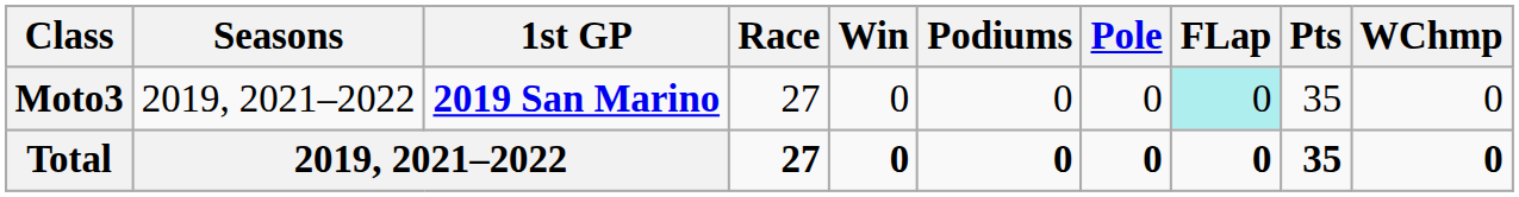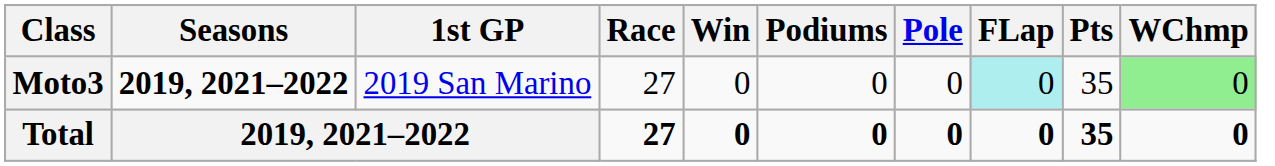 <table class="wikitable" style="text-align:right;">
 <tr>
 <th>Class</th>
 <th>Seasons</th>
 <th>1st GP</th>
 <th>Race</th>
 <th>Win</th>
 <th>Podiums</th>
 <th><a href='#'>Pole</a></th>
 <th>FLap</th>
 <th>Pts</th>
 <th>WChmp</th>
 </tr>
 <tr>
 <th>Moto3</th>
-<td>2019, 2021–2022</td>
-<td style="text-align:left;"><strong><a href='#'>2019 San Marino</a></strong></td>
+<td><strong>2019, 2021–2022</strong></td>
+<td style="text-align:left;"><a href='#'>2019 San Marino</a></td>
 <td>27</td>
 <td>0</td>
 <td>0</td>
 <td>0</td>
 <td style="background: paleturquoise;">0</td>
 <td>35</td>
-<td>0</td>
+<td style="background: lightgreen;">0</td>
 </tr>
 <tr>
 <th>Total</th>
 <th colspan="2">2019, 2021–2022</th>
 <td><strong>27</strong></td>
 <td><strong>0</strong></td>
 <td><strong>0</strong></td>
 <td><strong>0</strong></td>
 <td><strong>0</strong></td>
 <td><strong>35</strong></td>
 <td><strong>0</strong></td>
 </tr>
 </table>
